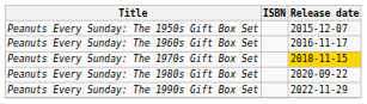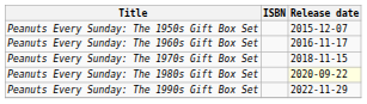 <table class="wikitable">
 <tr>
 <th>Title</th>
 <th>ISBN</th>
 <th>Release date</th>
 </tr>
 <tr>
 <td><em>Peanuts Every Sunday: The 1950s Gift Box Set</em></td>
 <td></td>
 <td>2015-12-07</td>
 </tr>
 <tr>
 <td><em>Peanuts Every Sunday: The 1960s Gift Box Set</em></td>
 <td></td>
 <td>2016-11-17</td>
 </tr>
 <tr>
 <td><em>Peanuts Every Sunday: The 1970s Gift Box Set</em></td>
 <td></td>
-<td style="background: gold;">2018-11-15</td>
+<td>2018-11-15</td>
 </tr>
 <tr>
 <td><em>Peanuts Every Sunday: The 1980s Gift Box Set</em></td>
 <td></td>
-<td>2020-09-22</td>
+<td style="background: lightyellow;">2020-09-22</td>
 </tr>
 <tr>
 <td><em>Peanuts Every Sunday: The 1990s Gift Box Set</em></td>
 <td></td>
 <td>2022-11-29</td>
 </tr>
 <tr>
 </tr>
 </table>
